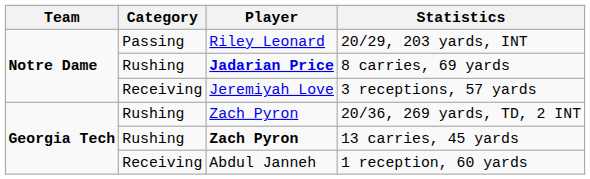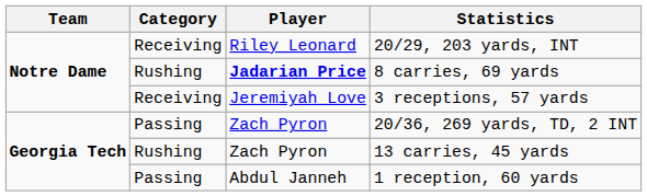 <table class="wikitable" style="float: right;">
 <tr>
 <th>Team</th>
 <th>Category</th>
 <th>Player</th>
 <th>Statistics</th>
 </tr>
 <tr>
 <td rowspan=3><strong>Notre Dame</strong></td>
-<td>Passing</td>
+<td>Receiving</td>
 <td><a href='#'>Riley Leonard</a></td>
 <td>20/29, 203 yards, INT</td>
 </tr>
 <tr>
 <td>Rushing</td>
 <td><strong><a href='#'>Jadarian Price</a></strong></td>
 <td>8 carries, 69 yards</td>
 </tr>
 <tr>
 <td>Receiving</td>
 <td><a href='#'>Jeremiyah Love</a></td>
 <td>3 receptions, 57 yards</td>
 </tr>
 <tr>
 <td rowspan=3><strong>Georgia Tech</strong></td>
-<td>Rushing</td>
+<td>Passing</td>
 <td><a href='#'>Zach Pyron</a></td>
 <td>20/36, 269 yards, TD, 2 INT</td>
 </tr>
 <tr>
 <td>Rushing</td>
-<td><strong>Zach Pyron</strong></td>
+<td>Zach Pyron</td>
 <td>13 carries, 45 yards</td>
 </tr>
 <tr>
-<td>Receiving</td>
+<td>Passing</td>
 <td>Abdul Janneh</td>
 <td>1 reception, 60 yards</td>
 </tr>
 </table>
